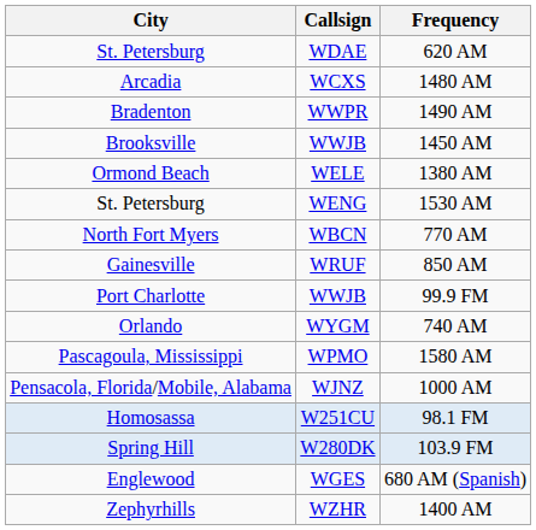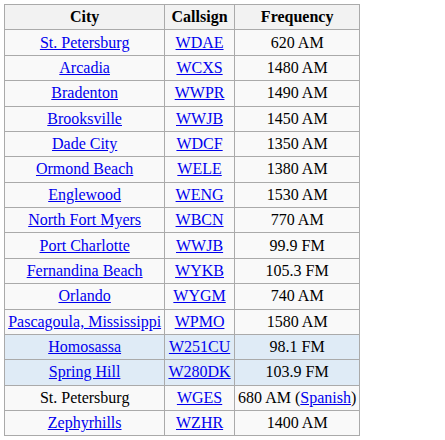 <table class="wikitable sortable" style="text-align: center;">
 <tr>
 <th>City</th>
 <th>Callsign</th>
 <th>Frequency</th>
 </tr>
 <tr>
 <td><a href='#'>St. Petersburg</a></td>
 <td><a href='#'>WDAE</a></td>
 <td>620 AM</td>
 </tr>
 <tr>
 <td><a href='#'>Arcadia</a></td>
 <td><a href='#'>WCXS</a></td>
 <td>1480 AM</td>
 </tr>
 <tr>
 <td><a href='#'>Bradenton</a></td>
 <td><a href='#'>WWPR</a></td>
 <td>1490 AM</td>
 </tr>
 <tr>
 <td><a href='#'>Brooksville</a></td>
 <td><a href='#'>WWJB</a></td>
 <td>1450 AM</td>
 </tr>
 <tr>
+<td><a href='#'>Dade City</a></td>
+<td><a href='#'>WDCF</a></td>
+<td>1350 AM</td>
+</tr>
+<tr>
 <td><a href='#'>Ormond Beach</a></td>
 <td><a href='#'>WELE</a></td>
 <td>1380 AM</td>
 </tr>
 <tr>
-<td>St. Petersburg</td>
+<td><a href='#'>Englewood</a></td>
 <td><a href='#'>WENG</a></td>
 <td>1530 AM</td>
 </tr>
 <tr>
 <td><a href='#'>North Fort Myers</a></td>
 <td><a href='#'>WBCN</a></td>
 <td>770 AM</td>
 </tr>
 <tr>
-<td><a href='#'>Gainesville</a></td>
-<td><a href='#'>WRUF</a></td>
-<td>850 AM</td>
-</tr>
-<tr>
 <td><a href='#'>Port Charlotte</a></td>
 <td><a href='#'>WWJB</a></td>
 <td data-sort-value=099900>99.9 FM</td>
+</tr>
+<tr>
+<td><a href='#'>Fernandina Beach</a></td>
+<td><a href='#'>WYKB</a></td>
+<td data-sort-value=105300>105.3 FM</td>
 </tr>
 <tr>
 <td><a href='#'>Orlando</a></td>
 <td><a href='#'>WYGM</a></td>
 <td>740 AM</td>
 </tr>
 <tr>
 <td><a href='#'>Pascagoula, Mississippi</a></td>
 <td><a href='#'>WPMO</a></td>
 <td>1580 AM</td>
-</tr>
-<tr>
-<td><a href='#'>Pensacola, Florida</a>/<a href='#'>Mobile, Alabama</a></td>
-<td><a href='#'>WJNZ</a></td>
-<td>1000 AM</td>
 </tr>
 <tr style="background-color:#DFEBF6;">
 <td><a href='#'>Homosassa</a></td>
 <td><a href='#'>W251CU</a></td>
 <td data-sort-value=098190>98.1 FM</td>
 </tr>
 <tr style="background-color:#DFEBF6;">
 <td><a href='#'>Spring Hill</a></td>
 <td><a href='#'>W280DK</a></td>
 <td data-sort-value=103990>103.9 FM</td>
 </tr>
 <tr>
-<td><a href='#'>Englewood</a></td>
+<td>St. Petersburg</td>
 <td><a href='#'>WGES</a></td>
 <td>680 AM (<a href='#'>Spanish</a>)</td>
 </tr>
 <tr>
 <td><a href='#'>Zephyrhills</a></td>
 <td><a href='#'>WZHR</a></td>
 <td>1400 AM</td>
 </tr>
 </table>
